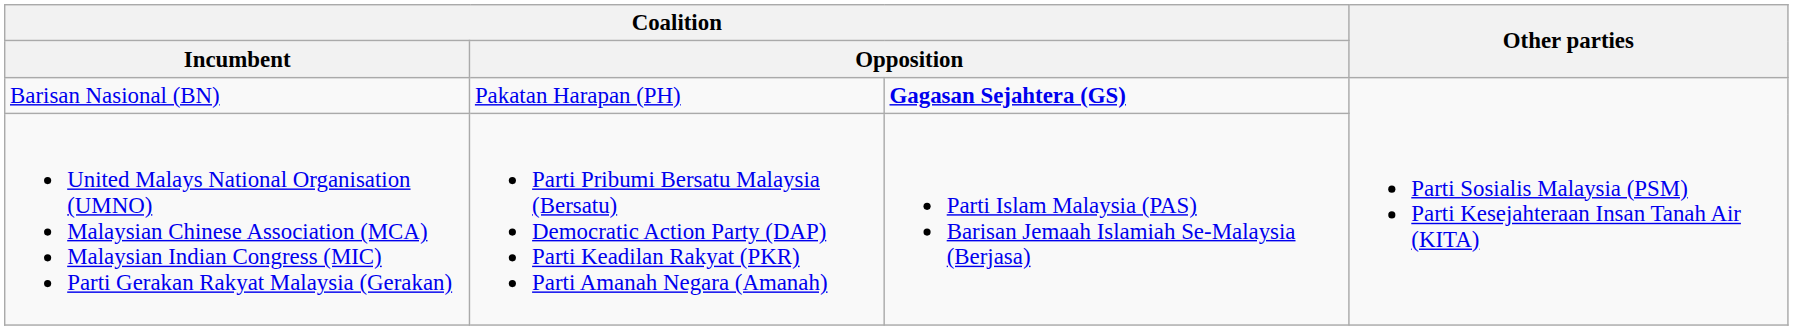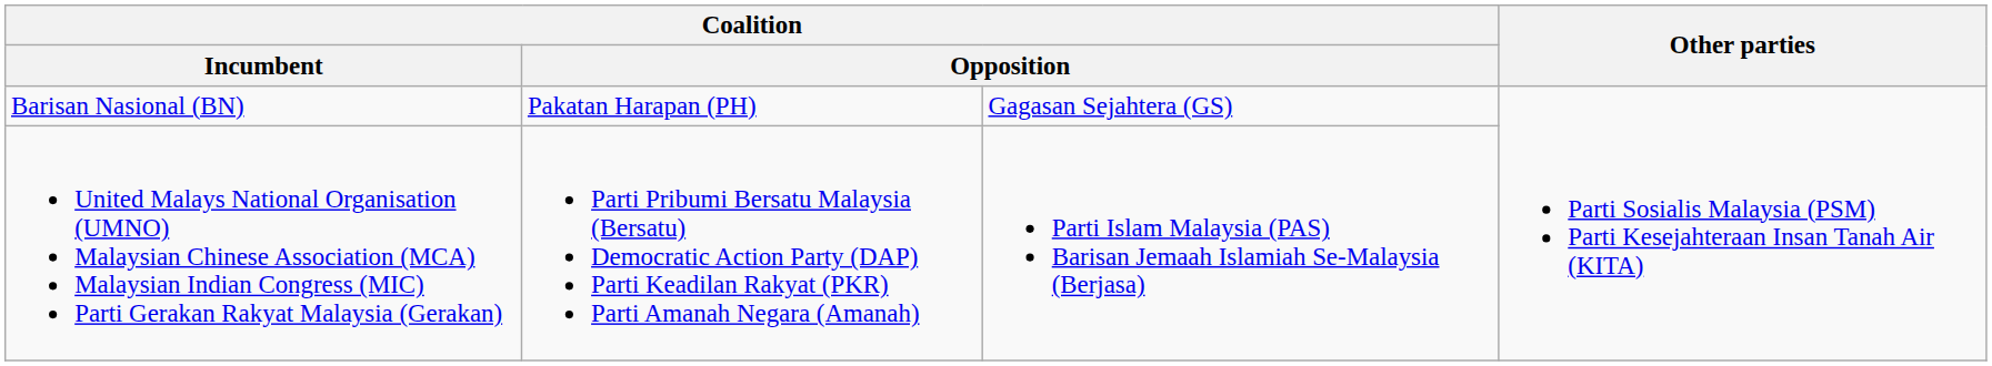 <table class="wikitable">
 <tr>
 <th colspan="3">Coalition</th>
 <th rowspan="2">Other parties</th>
 </tr>
 <tr>
 <th>Incumbent</th>
 <th colspan="2">Opposition</th>
 </tr>
 <tr>
 <td><a href='#'>Barisan Nasional (BN)</a></td>
 <td><a href='#'>Pakatan Harapan (PH)</a></td>
-<td><strong><a href='#'>Gagasan Sejahtera (GS)</a></strong></td>
+<td><a href='#'>Gagasan Sejahtera (GS)</a></td>
 <td rowspan="2"><br><ul><li><a href='#'>Parti Sosialis Malaysia (PSM)</a></li><li><a href='#'>Parti Kesejahteraan Insan Tanah Air (KITA)</a></li></ul></td>
 </tr>
 <tr>
 <td><br><ul><li><a href='#'>United Malays National Organisation (UMNO)</a></li><li><a href='#'>Malaysian Chinese Association (MCA)</a></li><li><a href='#'>Malaysian Indian Congress (MIC)</a></li><li><a href='#'>Parti Gerakan Rakyat Malaysia (Gerakan)</a></li></ul></td>
 <td><br><ul><li><a href='#'>Parti Pribumi Bersatu Malaysia (Bersatu)</a></li><li><a href='#'>Democratic Action Party (DAP)</a></li><li><a href='#'>Parti Keadilan Rakyat (PKR)</a></li><li><a href='#'>Parti Amanah Negara (Amanah)</a></li></ul></td>
 <td><br><ul><li><a href='#'>Parti Islam Malaysia (PAS)</a></li><li><a href='#'>Barisan Jemaah Islamiah Se-Malaysia (Berjasa)</a></li></ul></td>
 </tr>
 </table>
